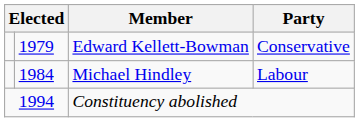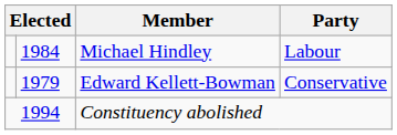 <table class="wikitable">
 <tr>
 <th colspan = "2">Elected</th>
 <th>Member</th>
 <th>Party</th>
 </tr>
 <tr>
 <td style="background-color: "></td>
+<td><a href='#'>1984</a></td>
+<td><a href='#'>Michael Hindley</a></td>
+<td><a href='#'>Labour</a></td>
+</tr>
+<tr>
+<td style="background-color: "></td>
 <td><a href='#'>1979</a></td>
 <td><a href='#'>Edward Kellett-Bowman</a></td>
 <td><a href='#'>Conservative</a></td>
-</tr>
-<tr>
-<td style="background-color: "></td>
-<td><a href='#'>1984</a></td>
-<td><a href='#'>Michael Hindley</a></td>
-<td><a href='#'>Labour</a></td>
 </tr>
 <tr>
 <td colspan="2" align="center"><a href='#'>1994</a></td>
 <td colspan="2"><em>Constituency abolished</em></td>
 </tr>
 </table>
